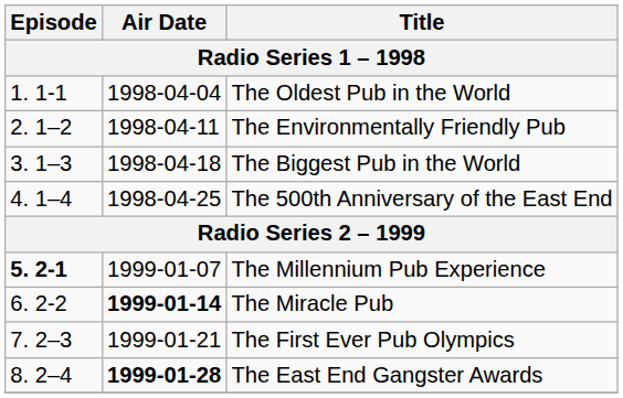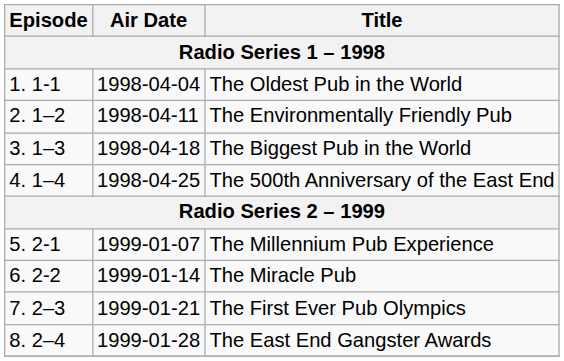 <table class="wikitable">
 <tr>
 <th>Episode</th>
 <th>Air Date</th>
 <th>Title</th>
 </tr>
 <tr>
 <th colspan=3>Radio Series 1 – 1998</th>
 </tr>
 <tr>
 <td>1.  1-1</td>
 <td>1998-04-04</td>
 <td>The Oldest Pub in the World</td>
 </tr>
 <tr>
 <td>2. 1–2</td>
 <td>1998-04-11</td>
 <td>The Environmentally Friendly Pub</td>
 </tr>
 <tr>
 <td>3. 1–3</td>
 <td>1998-04-18</td>
 <td>The Biggest Pub in the World</td>
 </tr>
 <tr>
 <td>4. 1–4</td>
 <td>1998-04-25</td>
 <td>The 500th Anniversary of the East End</td>
 </tr>
 <tr>
 <th colspan=3>Radio Series 2 – 1999</th>
 </tr>
 <tr>
-<td><strong>5.  2-1</strong></td>
+<td>5.  2-1</td>
 <td>1999-01-07</td>
 <td>The Millennium Pub Experience</td>
 </tr>
 <tr>
 <td>6. 2-2</td>
-<td><strong>1999-01-14</strong></td>
+<td>1999-01-14</td>
 <td>The Miracle Pub</td>
 </tr>
 <tr>
 <td>7. 2–3</td>
 <td>1999-01-21</td>
 <td>The First Ever Pub Olympics</td>
 </tr>
 <tr>
 <td>8. 2–4</td>
-<td><strong>1999-01-28</strong></td>
+<td>1999-01-28</td>
 <td>The East End Gangster Awards</td>
 </tr>
 <tr>
 </tr>
 </table>
